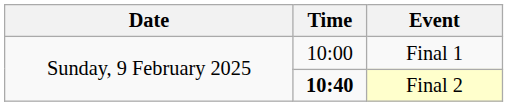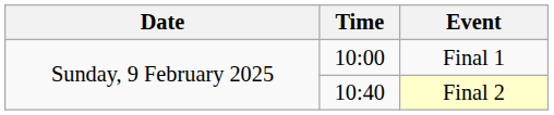 <table class = "wikitable" style="text-align:center;">
 <tr>
 <th width=220>Date</th>
 <th width=50>Time</th>
 <th width=100>Event</th>
 </tr>
 <tr>
 <td rowspan=2>Sunday, 9 February 2025</td>
 <td>10:00</td>
 <td>Final 1</td>
 </tr>
 <tr>
-<td><strong>10:40</strong></td>
+<td>10:40</td>
 <td bgcolor=ffffcc>Final 2</td>
 </tr>
 </table>
